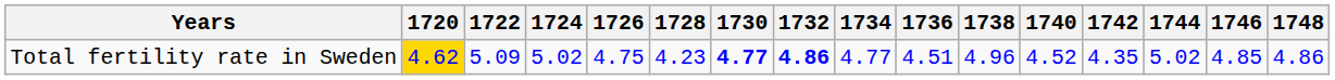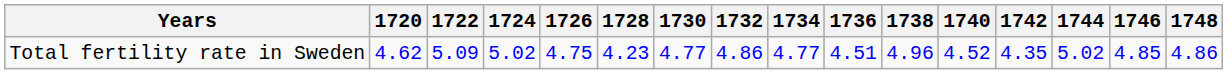 <table class="wikitable " style="text-align:right">
 <tr>
 <th>Years</th>
 <th>1720</th>
 <th>1722</th>
 <th>1724</th>
 <th>1726</th>
 <th>1728</th>
 <th>1730</th>
 <th>1732</th>
 <th>1734</th>
 <th>1736</th>
 <th>1738</th>
 <th>1740</th>
 <th>1742</th>
 <th>1744</th>
 <th>1746</th>
 <th>1748</th>
 </tr>
 <tr>
 <td style="text-align:left;">Total fertility rate in Sweden</td>
-<td style="background: gold; text-align:right; color:blue;">4.62</td>
+<td style="text-align:right; color:blue;">4.62</td>
 <td style="text-align:right; color:blue;">5.09</td>
 <td style="text-align:right; color:blue;">5.02</td>
 <td style="text-align:right; color:blue;">4.75</td>
 <td style="text-align:right; color:blue;">4.23</td>
-<td style="text-align:right; color:blue;"><strong>4.77</strong></td>
-<td style="text-align:right; color:blue;"><strong>4.86</strong></td>
+<td style="text-align:right; color:blue;">4.77</td>
+<td style="text-align:right; color:blue;">4.86</td>
 <td style="text-align:right; color:blue;">4.77</td>
 <td style="text-align:right; color:blue;">4.51</td>
 <td style="text-align:right; color:blue;">4.96</td>
 <td style="text-align:right; color:blue;">4.52</td>
 <td style="text-align:right; color:blue;">4.35</td>
 <td style="text-align:right; color:blue;">5.02</td>
 <td style="text-align:right; color:blue;">4.85</td>
 <td style="text-align:right; color:blue;">4.86</td>
 </tr>
 </table>
